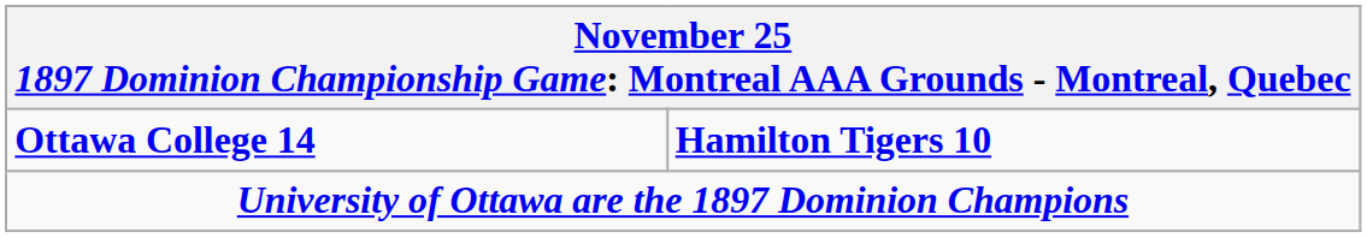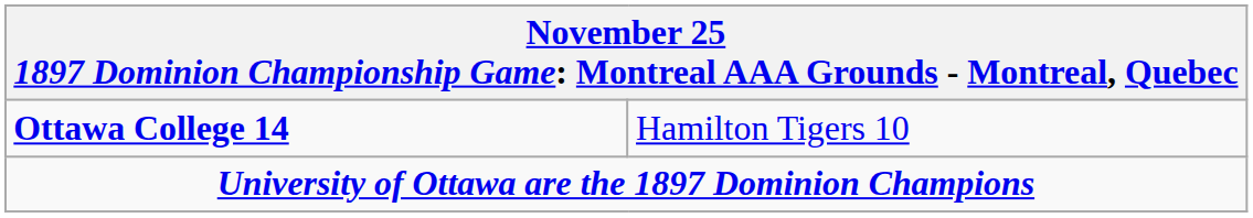 <table class="wikitable">
 <tr>
 <th colspan="2" bgcolor="#DDDDDD"><a href='#'>November 25</a><br><em><a href='#'>1897 Dominion Championship Game</a></em>: <a href='#'>Montreal AAA Grounds</a> - <a href='#'>Montreal</a>, <a href='#'>Quebec</a></th>
 </tr>
 <tr>
 <td><strong><a href='#'>Ottawa College 14</a></strong></td>
-<td><strong><a href='#'>Hamilton Tigers 10</a></strong></td>
+<td><a href='#'>Hamilton Tigers 10</a></td>
 </tr>
 <tr>
 <td colspan="2" align="center"><strong><em><a href='#'>University of Ottawa are the 1897 Dominion Champions</a></em></strong></td>
 </tr>
 </table>
